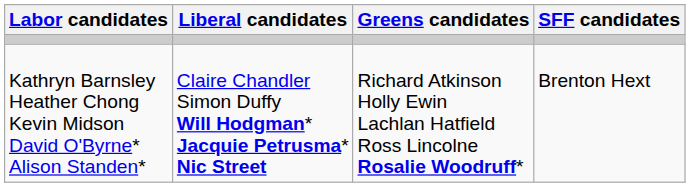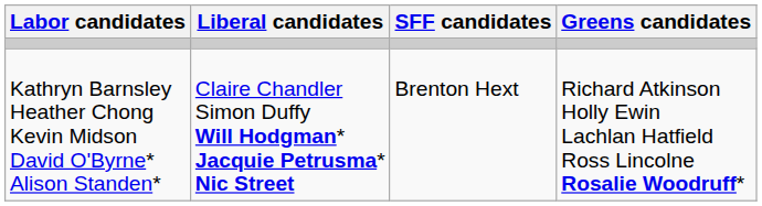 <table class="wikitable">
 <tr>
 <th><a href='#'>Labor</a> candidates</th>
 <th><a href='#'>Liberal</a> candidates</th>
+<th><a href='#'>SFF</a> candidates</th>
 <th><a href='#'>Greens</a> candidates</th>
-<th><a href='#'>SFF</a> candidates</th>
 </tr>
 <tr bgcolor="#cccccc">
 <td></td>
 <td></td>
 <td></td>
 <td></td>
 </tr>
 <tr>
 <td><br>Kathryn Barnsley<br> Heather Chong<br> Kevin Midson<br> <a href='#'>David O'Byrne</a>*<br> <a href='#'>Alison Standen</a>*</td>
 <td><br><a href='#'>Claire Chandler</a><br> Simon Duffy<br> <strong><a href='#'>Will Hodgman</a></strong>*<br> <strong><a href='#'>Jacquie Petrusma</a></strong>*<br> <strong><a href='#'>Nic Street</a></strong></td>
+<td valign=top><br>Brenton Hext</td>
 <td><br>Richard Atkinson<br> Holly Ewin<br> Lachlan Hatfield<br> Ross Lincolne<br> <strong><a href='#'>Rosalie Woodruff</a></strong>*</td>
-<td valign=top><br>Brenton Hext</td>
 </tr>
 </table>
